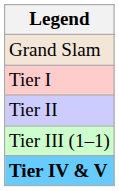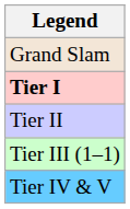 <table class="wikitable sortable mw-collapsible mw-collapsed">
 <tr>
 <th>Legend</th>
 </tr>
 <tr>
 <td bgcolor="#f3e6d7">Grand Slam</td>
 </tr>
 <tr>
-<td bgcolor="#ffcccc">Tier I</td>
+<td bgcolor="#ffcccc"><strong>Tier I</strong></td>
 </tr>
 <tr>
 <td style="background:#ccccff;">Tier II</td>
 </tr>
 <tr>
 <td bgcolor="#CCFFCC">Tier III (1–1)</td>
 </tr>
 <tr>
-<td style="background:#66ccff;"><strong>Tier IV & V</strong></td>
+<td style="background:#66ccff;">Tier IV & V</td>
 </tr>
 </table>
